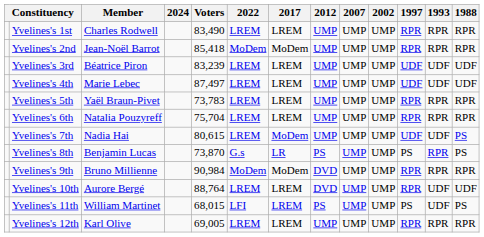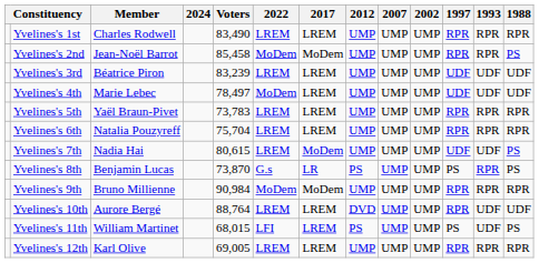 <table class="wikitable sortable">
 <tr>
 <th colspan="2">Constituency</th>
 <th>Member</th>
 <th>2024</th>
 <th>Voters</th>
 <th>2022</th>
 <th>2017</th>
 <th>2012</th>
 <th>2007</th>
 <th>2002</th>
 <th>1997</th>
 <th>1993</th>
 <th>1988</th>
 </tr>
 <tr>
 <td style="background-color: "></td>
 <td><a href='#'>Yvelines's 1st</a></td>
 <td><a href='#'>Charles Rodwell</a></td>
 <td></td>
 <td>83,490</td>
 <td><a href='#'>LREM</a></td>
 <td>LREM</td>
 <td><a href='#'>UMP</a></td>
 <td>UMP</td>
 <td>UMP</td>
 <td><a href='#'>RPR</a></td>
 <td>RPR</td>
 <td>RPR</td>
 </tr>
 <tr>
 <td style="background-color: "></td>
 <td><a href='#'>Yvelines's 2nd</a></td>
 <td><a href='#'>Jean-Noël Barrot</a></td>
 <td></td>
-<td>85,418</td>
+<td>85,458</td>
 <td><a href='#'>MoDem</a></td>
 <td>MoDem</td>
 <td><a href='#'>UMP</a></td>
 <td>UMP</td>
 <td>UMP</td>
 <td><a href='#'>RPR</a></td>
 <td>RPR</td>
-<td>RPR</td>
+<td><a href='#'>PS</a></td>
 </tr>
 <tr>
 <td style="background-color: "></td>
 <td><a href='#'>Yvelines's 3rd</a></td>
 <td><a href='#'>Béatrice Piron</a></td>
 <td></td>
 <td>83,239</td>
 <td><a href='#'>LREM</a></td>
 <td>LREM</td>
 <td><a href='#'>UMP</a></td>
 <td>UMP</td>
 <td>UMP</td>
 <td><a href='#'>UDF</a></td>
 <td>UDF</td>
 <td>UDF</td>
 </tr>
 <tr>
 <td style="background-color: "></td>
 <td><a href='#'>Yvelines's 4th</a></td>
 <td><a href='#'>Marie Lebec</a></td>
 <td></td>
-<td>87,497</td>
-<td><a href='#'>LREM</a></td>
+<td>78,497</td>
+<td><a href='#'>MoDem</a></td>
 <td>LREM</td>
 <td><a href='#'>UMP</a></td>
 <td>UMP</td>
 <td>UMP</td>
 <td><a href='#'>UDF</a></td>
 <td>UDF</td>
 <td>UDF</td>
 </tr>
 <tr>
 <td style="background-color: "></td>
 <td><a href='#'>Yvelines's 5th</a></td>
 <td><a href='#'>Yaël Braun-Pivet</a></td>
 <td></td>
 <td>73,783</td>
 <td><a href='#'>LREM</a></td>
 <td>LREM</td>
 <td><a href='#'>UMP</a></td>
 <td>UMP</td>
 <td>UMP</td>
 <td><a href='#'>RPR</a></td>
 <td>RPR</td>
 <td>RPR</td>
 </tr>
 <tr>
 <td style="background-color: "></td>
 <td><a href='#'>Yvelines's 6th</a></td>
 <td><a href='#'>Natalia Pouzyreff</a></td>
 <td></td>
 <td>75,704</td>
 <td><a href='#'>LREM</a></td>
 <td>LREM</td>
 <td><a href='#'>UMP</a></td>
 <td>UMP</td>
 <td>UMP</td>
 <td><a href='#'>RPR</a></td>
 <td>RPR</td>
 <td>RPR</td>
 </tr>
 <tr>
 <td style="background-color: "></td>
 <td><a href='#'>Yvelines's 7th</a></td>
 <td><a href='#'>Nadia Hai</a></td>
 <td></td>
 <td>80,615</td>
 <td><a href='#'>LREM</a></td>
 <td><a href='#'>MoDem</a></td>
 <td><a href='#'>UMP</a></td>
 <td>UMP</td>
 <td>UMP</td>
 <td><a href='#'>UDF</a></td>
 <td>UDF</td>
 <td><a href='#'>PS</a></td>
 </tr>
 <tr>
 <td style="background-color: "></td>
 <td><a href='#'>Yvelines's 8th</a></td>
 <td><a href='#'>Benjamin Lucas</a></td>
 <td></td>
 <td>73,870</td>
 <td><a href='#'>G.s</a></td>
 <td><a href='#'>LR</a></td>
 <td><a href='#'>PS</a></td>
 <td><a href='#'>UMP</a></td>
 <td>UMP</td>
 <td>PS</td>
 <td><a href='#'>RPR</a></td>
 <td>PS</td>
 </tr>
 <tr>
 <td style="background-color: "></td>
 <td><a href='#'>Yvelines's 9th</a></td>
 <td><a href='#'>Bruno Millienne</a></td>
 <td></td>
 <td>90,984</td>
 <td><a href='#'>MoDem</a></td>
 <td>MoDem</td>
-<td><a href='#'>DVD</a></td>
+<td><a href='#'>UMP</a></td>
 <td>UMP</td>
 <td>UMP</td>
 <td><a href='#'>RPR</a></td>
 <td>RPR</td>
 <td>RPR</td>
 </tr>
 <tr>
 <td style="background-color: "></td>
 <td><a href='#'>Yvelines's 10th</a></td>
 <td><a href='#'>Aurore Bergé</a></td>
 <td></td>
 <td>88,764</td>
 <td><a href='#'>LREM</a></td>
 <td>LREM</td>
 <td><a href='#'>DVD</a></td>
 <td><a href='#'>UMP</a></td>
 <td>UMP</td>
 <td><a href='#'>RPR</a></td>
 <td>UDF</td>
 <td>UDF</td>
 </tr>
 <tr>
 <td style="background-color: "></td>
 <td><a href='#'>Yvelines's 11th</a></td>
 <td><a href='#'>William Martinet</a></td>
 <td></td>
 <td>68,015</td>
 <td><a href='#'>LFI</a></td>
 <td><a href='#'>LREM</a></td>
 <td><a href='#'>PS</a></td>
 <td><a href='#'>UMP</a></td>
 <td>UMP</td>
 <td>PS</td>
 <td>UDF</td>
 <td>PS</td>
 </tr>
 <tr>
 <td style="background-color: "></td>
 <td><a href='#'>Yvelines's 12th</a></td>
 <td><a href='#'>Karl Olive</a></td>
 <td></td>
 <td>69,005</td>
 <td><a href='#'>LREM</a></td>
 <td>LREM</td>
 <td><a href='#'>UMP</a></td>
 <td>UMP</td>
 <td>UMP</td>
 <td><a href='#'>RPR</a></td>
 <td>RPR</td>
 <td>RPR</td>
 </tr>
 </table>
